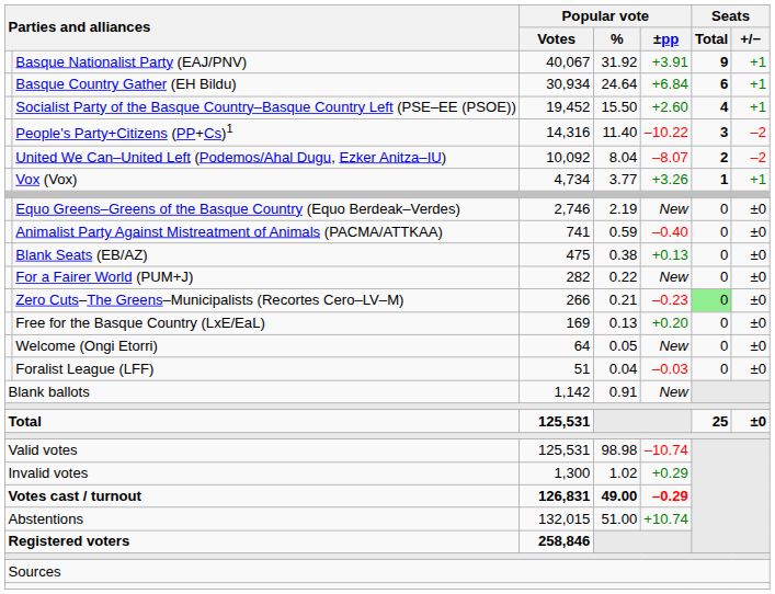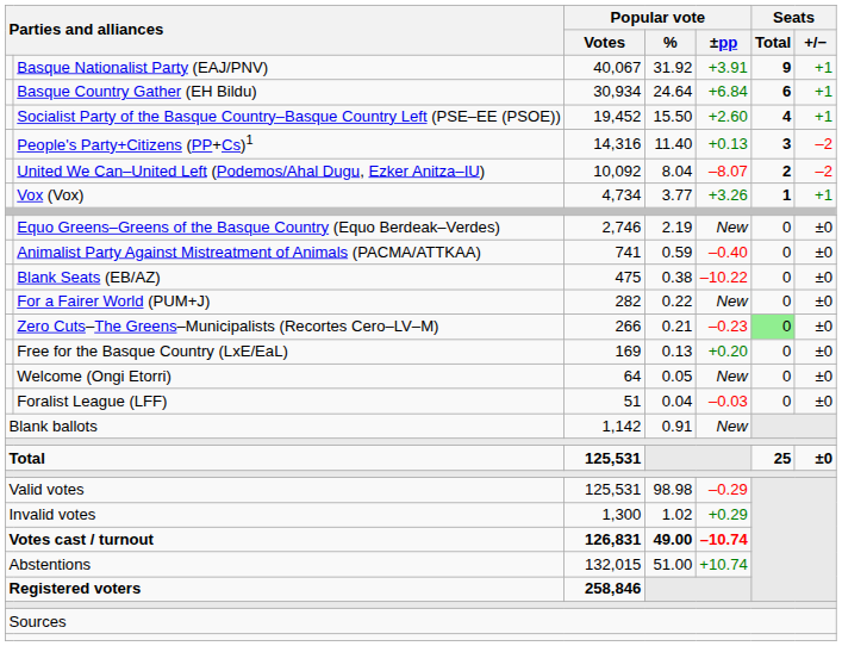 <table class="wikitable" style="text-align:right;">
 <tr>
 <th style="text-align:left;" rowspan="2" colspan="2" width="525">Parties and alliances</th>
 <th colspan="3">Popular vote</th>
 <th colspan="2">Seats</th>
 </tr>
 <tr>
 <th width="75">Votes</th>
 <th width="45">%</th>
 <th width="45">±<a href='#'>pp</a></th>
 <th width="35">Total</th>
 <th width="35">+/−</th>
 </tr>
 <tr>
 <td width="1" style="color:inherit;background:"></td>
 <td align="left"><a href='#'>Basque Nationalist Party</a> (EAJ/PNV)</td>
 <td>40,067</td>
 <td>31.92</td>
 <td style="color:green;">+3.91</td>
 <td><strong>9</strong></td>
 <td style="color:green;">+1</td>
 </tr>
 <tr>
 <td style="color:inherit;background:"></td>
 <td align="left"><a href='#'>Basque Country Gather</a> (EH Bildu)</td>
 <td>30,934</td>
 <td>24.64</td>
 <td style="color:green;">+6.84</td>
 <td><strong>6</strong></td>
 <td style="color:green;">+1</td>
 </tr>
 <tr>
 <td style="color:inherit;background:"></td>
 <td align="left"><a href='#'>Socialist Party of the Basque Country–Basque Country Left</a> (PSE–EE (PSOE))</td>
 <td>19,452</td>
 <td>15.50</td>
 <td style="color:green;">+2.60</td>
 <td><strong>4</strong></td>
 <td style="color:green;">+1</td>
 </tr>
 <tr>
 <td style="color:inherit;background:"></td>
 <td align="left"><a href='#'>People's Party+Citizens</a> (<a href='#'>PP</a>+<a href='#'>Cs</a>)<sup>1</sup></td>
 <td>14,316</td>
 <td>11.40</td>
-<td style="color:red;">–10.22</td>
+<td style="color:green;">+0.13</td>
 <td><strong>3</strong></td>
 <td style="color:red;">–2</td>
 </tr>
 <tr>
 <td style="color:inherit;background:"></td>
 <td align="left"><a href='#'>United We Can–United Left</a> (<a href='#'>Podemos/Ahal Dugu</a>, <a href='#'>Ezker Anitza–IU</a>)</td>
 <td>10,092</td>
 <td>8.04</td>
 <td style="color:red;">–8.07</td>
 <td><strong>2</strong></td>
 <td style="color:red;">–2</td>
 </tr>
 <tr>
 <td style="color:inherit;background:"></td>
 <td align="left"><a href='#'>Vox</a> (Vox)</td>
 <td>4,734</td>
 <td>3.77</td>
 <td style="color:green;">+3.26</td>
 <td><strong>1</strong></td>
 <td style="color:green;">+1</td>
 </tr>
 <tr>
 <td colspan="7" bgcolor="#C0C0C0"></td>
 </tr>
 <tr>
 <td style="color:inherit;background:"></td>
 <td align="left"><a href='#'>Equo Greens–Greens of the Basque Country</a> (Equo Berdeak–Verdes)</td>
 <td>2,746</td>
 <td>2.19</td>
 <td><em>New</em></td>
 <td>0</td>
 <td>±0</td>
 </tr>
 <tr>
 <td style="color:inherit;background:"></td>
 <td align="left"><a href='#'>Animalist Party Against Mistreatment of Animals</a> (PACMA/ATTKAA)</td>
 <td>741</td>
 <td>0.59</td>
 <td style="color:red;">–0.40</td>
 <td>0</td>
 <td>±0</td>
 </tr>
 <tr>
 <td style="color:inherit;background:"></td>
 <td align="left"><a href='#'>Blank Seats</a> (EB/AZ)</td>
 <td>475</td>
 <td>0.38</td>
-<td style="color:green;">+0.13</td>
+<td style="color:red;">–10.22</td>
 <td>0</td>
 <td>±0</td>
 </tr>
 <tr>
 <td style="color:inherit;background:"></td>
 <td align="left"><a href='#'>For a Fairer World</a> (PUM+J)</td>
 <td>282</td>
 <td>0.22</td>
 <td><em>New</em></td>
 <td>0</td>
 <td>±0</td>
 </tr>
 <tr>
 <td style="color:inherit;background:"></td>
 <td align="left"><a href='#'>Zero Cuts</a>–<a href='#'>The Greens</a>–Municipalists (Recortes Cero–LV–M)</td>
 <td>266</td>
 <td>0.21</td>
 <td style="color:red;">–0.23</td>
 <td style="background: lightgreen;">0</td>
 <td>±0</td>
 </tr>
 <tr>
 <td style="color:inherit;background:"></td>
 <td align="left">Free for the Basque Country (LxE/EaL)</td>
 <td>169</td>
 <td>0.13</td>
 <td style="color:green;">+0.20</td>
 <td>0</td>
 <td>±0</td>
 </tr>
 <tr>
 <td style="color:inherit;background:"></td>
 <td align="left">Welcome (Ongi Etorri)</td>
 <td>64</td>
 <td>0.05</td>
 <td><em>New</em></td>
 <td>0</td>
 <td>±0</td>
 </tr>
 <tr>
 <td style="color:inherit;background:"></td>
 <td align="left">Foralist League (LFF)</td>
 <td>51</td>
 <td>0.04</td>
 <td style="color:red;">–0.03</td>
 <td>0</td>
 <td>±0</td>
 </tr>
 <tr>
 <td align="left" colspan="2">Blank ballots</td>
 <td>1,142</td>
 <td>0.91</td>
 <td><em>New</em></td>
 <td bgcolor="#E9E9E9" colspan="2"></td>
 </tr>
 <tr>
 <td colspan="7" bgcolor="#E9E9E9"></td>
 </tr>
 <tr style="font-weight:bold;">
 <td align="left" colspan="2">Total</td>
 <td>125,531</td>
 <td bgcolor="#E9E9E9" colspan="2"></td>
 <td>25</td>
 <td>±0</td>
 </tr>
 <tr>
 <td colspan="7" bgcolor="#E9E9E9"></td>
 </tr>
 <tr>
 <td align="left" colspan="2">Valid votes</td>
 <td>125,531</td>
 <td>98.98</td>
-<td style="color:red;">–10.74</td>
+<td style="color:red;">–0.29</td>
 <td bgcolor="#E9E9E9" colspan="2" rowspan="5"></td>
 </tr>
 <tr>
 <td align="left" colspan="2">Invalid votes</td>
 <td>1,300</td>
 <td>1.02</td>
 <td style="color:green;">+0.29</td>
 </tr>
 <tr style="font-weight:bold;">
 <td align="left" colspan="2">Votes cast / turnout</td>
 <td>126,831</td>
 <td>49.00</td>
-<td style="color:red;">–0.29</td>
+<td style="color:red;">–10.74</td>
 </tr>
 <tr>
 <td align="left" colspan="2">Abstentions</td>
 <td>132,015</td>
 <td>51.00</td>
 <td style="color:green;">+10.74</td>
 </tr>
 <tr style="font-weight:bold;">
 <td align="left" colspan="2">Registered voters</td>
 <td>258,846</td>
 <td bgcolor="#E9E9E9" colspan="2"></td>
 </tr>
 <tr>
 <td colspan="7" bgcolor="#E9E9E9"></td>
 </tr>
 <tr>
 <td align="left" colspan="7">Sources</td>
 </tr>
 <tr>
 <td colspan="7" style="text-align:left; max-width:790px;"></td>
 </tr>
 </table>
